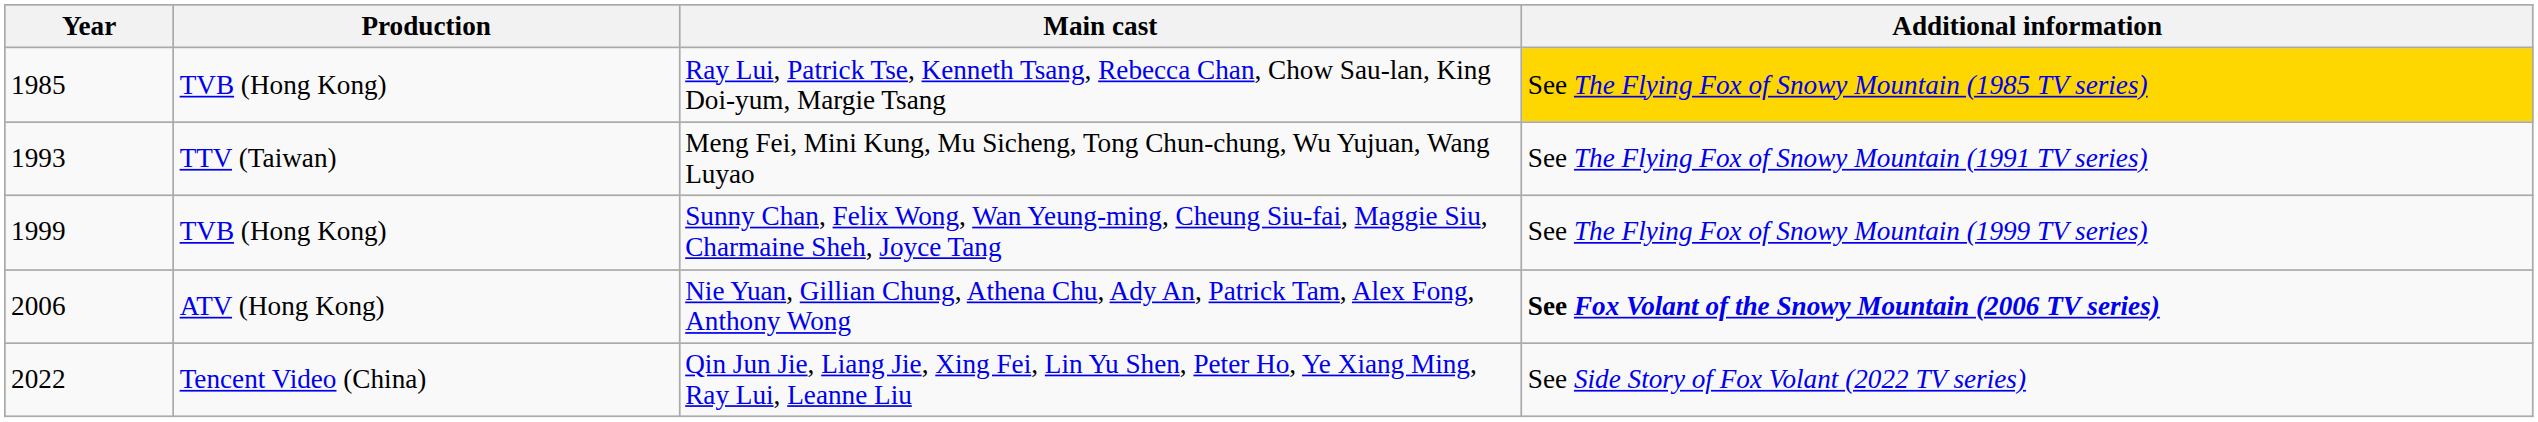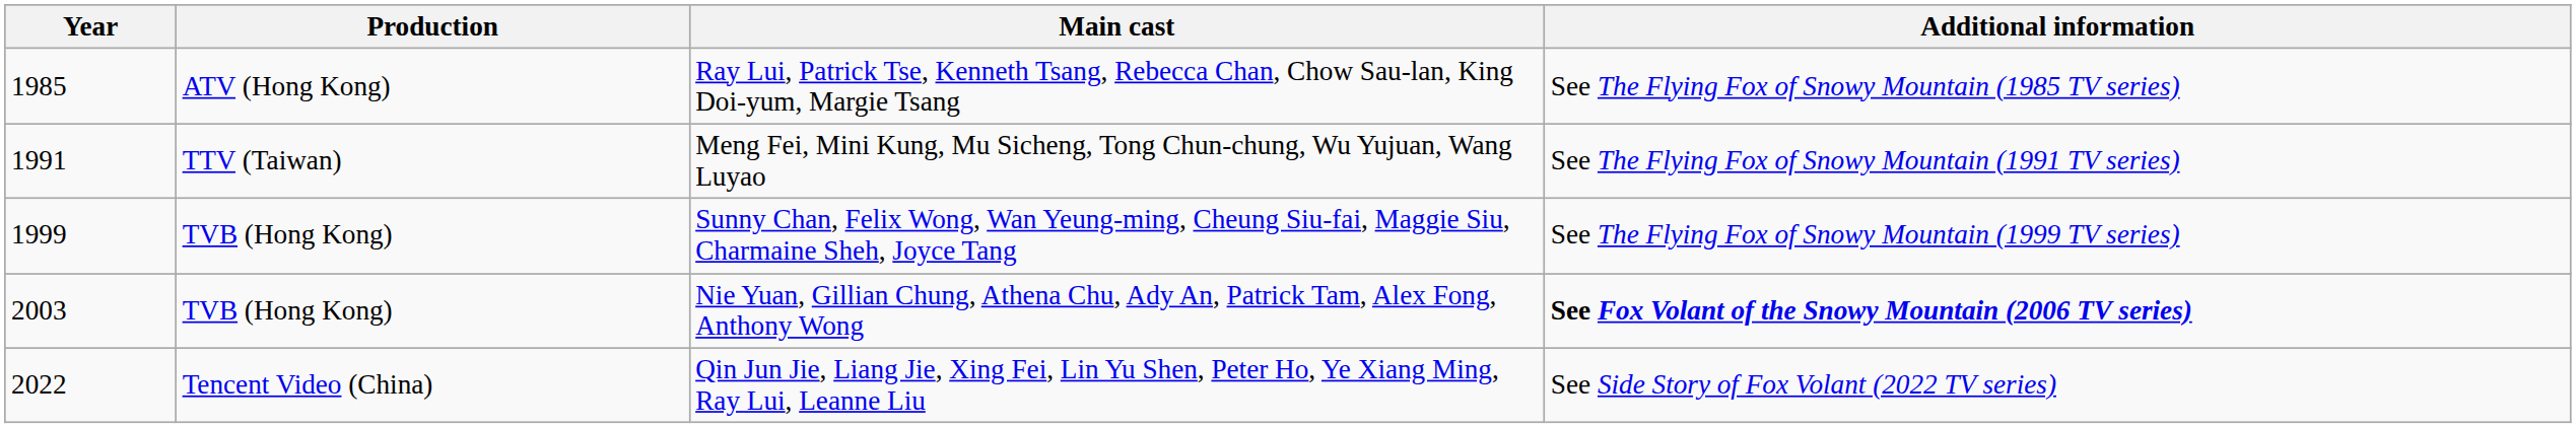 <table class="wikitable" width=75%>
 <tr>
 <th width=5%>Year</th>
 <th width=15%>Production</th>
 <th width=25%>Main cast</th>
 <th width=30%>Additional information</th>
 </tr>
 <tr>
 <td>1985</td>
-<td><a href='#'>TVB</a> (Hong Kong)</td>
+<td><a href='#'>ATV</a> (Hong Kong)</td>
 <td><a href='#'>Ray Lui</a>, <a href='#'>Patrick Tse</a>, <a href='#'>Kenneth Tsang</a>, <a href='#'>Rebecca Chan</a>, Chow Sau-lan, King Doi-yum, Margie Tsang</td>
-<td style="background: gold;">See <em><a href='#'>The Flying Fox of Snowy Mountain (1985 TV series)</a></em></td>
+<td>See <em><a href='#'>The Flying Fox of Snowy Mountain (1985 TV series)</a></em></td>
 </tr>
 <tr>
-<td>1993</td>
+<td>1991</td>
 <td><a href='#'>TTV</a> (Taiwan)</td>
 <td>Meng Fei, Mini Kung, Mu Sicheng, Tong Chun-chung, Wu Yujuan, Wang Luyao</td>
 <td>See <em><a href='#'>The Flying Fox of Snowy Mountain (1991 TV series)</a></em></td>
 </tr>
 <tr>
 <td>1999</td>
 <td><a href='#'>TVB</a> (Hong Kong)</td>
 <td><a href='#'>Sunny Chan</a>, <a href='#'>Felix Wong</a>, <a href='#'>Wan Yeung-ming</a>, <a href='#'>Cheung Siu-fai</a>, <a href='#'>Maggie Siu</a>, <a href='#'>Charmaine Sheh</a>, <a href='#'>Joyce Tang</a></td>
 <td>See <em><a href='#'>The Flying Fox of Snowy Mountain (1999 TV series)</a></em></td>
 </tr>
 <tr>
-<td>2006</td>
-<td><a href='#'>ATV</a> (Hong Kong)</td>
+<td>2003</td>
+<td><a href='#'>TVB</a> (Hong Kong)</td>
 <td><a href='#'>Nie Yuan</a>, <a href='#'>Gillian Chung</a>, <a href='#'>Athena Chu</a>, <a href='#'>Ady An</a>, <a href='#'>Patrick Tam</a>, <a href='#'>Alex Fong</a>, <a href='#'>Anthony Wong</a></td>
 <td><strong>See <em><a href='#'>Fox Volant of the Snowy Mountain (2006 TV series)</a></em></strong></td>
 </tr>
 <tr>
 <td>2022</td>
 <td><a href='#'>Tencent Video</a> (China)</td>
 <td><a href='#'>Qin Jun Jie</a>, <a href='#'>Liang Jie</a>, <a href='#'>Xing Fei</a>, <a href='#'>Lin Yu Shen</a>, <a href='#'>Peter Ho</a>, <a href='#'>Ye Xiang Ming</a>, <a href='#'>Ray Lui</a>, <a href='#'>Leanne Liu</a></td>
 <td>See <em><a href='#'>Side Story of Fox Volant (2022 TV series)</a></em></td>
 </tr>
 </table>
